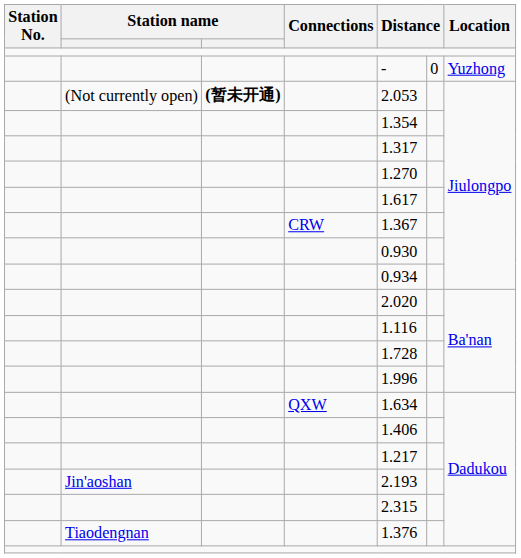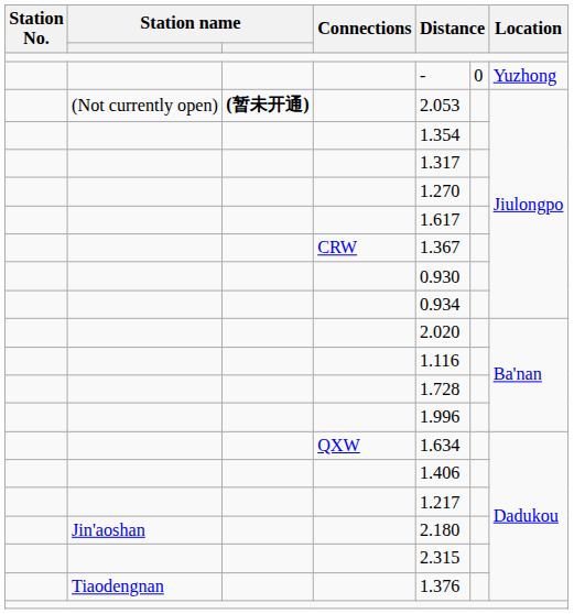 <table class="wikitable">
 <tr>
 <th rowspan="2">Station<br>No.</th>
 <th colspan="2">Station name</th>
 <th rowspan="2">Connections</th>
 <th colspan="2" rowspan="2">Distance<br></th>
 <th colspan="2" rowspan="2">Location</th>
 </tr>
 <tr>
 <th></th>
 <th></th>
 </tr>
 <tr style="background:#">
 <td colspan = "10"></td>
 </tr>
 <tr>
 <td></td>
 <td></td>
 <td></td>
 <td></td>
 <td>-</td>
 <td>0</td>
 <td rowspan="1"><a href='#'>Yuzhong</a><br></td>
 </tr>
 <tr>
 <td></td>
 <td> (Not currently open)</td>
 <td><strong> (暂未开通)</strong></td>
 <td> </td>
 <td>2.053</td>
 <td></td>
 <td rowspan="8"><a href='#'>Jiulongpo</a></td>
 </tr>
 <tr>
 <td></td>
 <td></td>
 <td></td>
 <td></td>
 <td>1.354</td>
 <td></td>
 </tr>
 <tr>
 <td></td>
 <td></td>
 <td></td>
 <td></td>
 <td>1.317</td>
 <td></td>
 </tr>
 <tr>
 <td></td>
 <td></td>
 <td></td>
 <td></td>
 <td>1.270</td>
 <td></td>
 </tr>
 <tr>
 <td></td>
 <td></td>
 <td></td>
 <td></td>
 <td>1.617</td>
 <td></td>
 </tr>
 <tr>
 <td></td>
 <td></td>
 <td></td>
 <td> <a href='#'>CRW</a></td>
 <td>1.367</td>
 <td></td>
 </tr>
 <tr>
 <td></td>
 <td></td>
 <td></td>
 <td></td>
 <td>0.930</td>
 <td></td>
 </tr>
 <tr>
 <td></td>
 <td></td>
 <td></td>
 <td></td>
 <td>0.934</td>
 <td></td>
 </tr>
 <tr>
 <td></td>
 <td></td>
 <td></td>
 <td></td>
 <td>2.020</td>
 <td></td>
 <td rowspan="4"><a href='#'>Ba'nan</a></td>
 </tr>
 <tr>
 <td></td>
 <td></td>
 <td></td>
 <td></td>
 <td>1.116</td>
 <td></td>
 </tr>
 <tr>
 <td></td>
 <td></td>
 <td></td>
 <td></td>
 <td>1.728</td>
 <td></td>
 </tr>
 <tr>
 <td></td>
 <td></td>
 <td></td>
 <td></td>
 <td>1.996</td>
 <td></td>
 </tr>
 <tr>
 <td></td>
 <td></td>
 <td></td>
 <td> <a href='#'>QXW</a></td>
 <td>1.634</td>
 <td></td>
 <td rowspan="6"><a href='#'>Dadukou</a></td>
 </tr>
 <tr>
 <td></td>
 <td></td>
 <td></td>
 <td></td>
 <td>1.406</td>
 <td></td>
 </tr>
 <tr>
 <td></td>
 <td></td>
 <td></td>
 <td></td>
 <td>1.217</td>
 <td></td>
 </tr>
 <tr>
 <td></td>
 <td><a href='#'>Jin'aoshan</a></td>
 <td></td>
 <td></td>
-<td>2.193</td>
+<td>2.180</td>
 <td></td>
 </tr>
 <tr>
 <td></td>
 <td></td>
 <td></td>
 <td> </td>
 <td>2.315</td>
 <td></td>
 </tr>
 <tr>
 <td></td>
 <td><a href='#'>Tiaodengnan</a></td>
 <td></td>
 <td></td>
 <td>1.376</td>
 <td></td>
 </tr>
 <tr style="background:#">
 <td colspan = "10"></td>
 </tr>
 </table>
